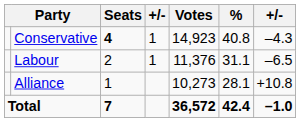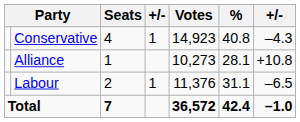 <table class="wikitable sortable">
 <tr>
 <th colspan="2">Party</th>
 <th>Seats</th>
 <th>+/-</th>
 <th>Votes</th>
 <th>%</th>
 <th>+/-</th>
 </tr>
 <tr>
 <td style="background-color: "></td>
 <td><a href='#'>Conservative</a></td>
-<td><strong>4</strong></td>
+<td>4</td>
 <td> 1</td>
 <td style="text-align:right;">14,923</td>
 <td style="text-align:right;">40.8</td>
 <td style="text-align:right;">–4.3</td>
+</tr>
+<tr>
+<td style="background-color: "></td>
+<td><a href='#'>Alliance</a></td>
+<td>1</td>
+<td></td>
+<td style="text-align:right;">10,273</td>
+<td style="text-align:right;">28.1</td>
+<td style="text-align:right;">+10.8</td>
 </tr>
 <tr>
 <td style="background-color: "></td>
 <td><a href='#'>Labour</a></td>
 <td>2</td>
 <td> 1</td>
 <td style="text-align:right;">11,376</td>
 <td style="text-align:right;">31.1</td>
 <td style="text-align:right;">–6.5</td>
 </tr>
 <tr>
-<td style="background-color: "></td>
-<td><a href='#'>Alliance</a></td>
-<td>1</td>
-<td></td>
-<td style="text-align:right;">10,273</td>
-<td style="text-align:right;">28.1</td>
-<td style="text-align:right;">+10.8</td>
-</tr>
-<tr>
 <td colspan="2"><strong>Total</strong></td>
 <td><strong>7</strong></td>
 <td></td>
 <td style="text-align:right;"><strong>36,572</strong></td>
 <td style="text-align:right;"><strong>42.4</strong></td>
 <td style="text-align:right;"><strong>–1.0</strong></td>
 </tr>
 </table>
